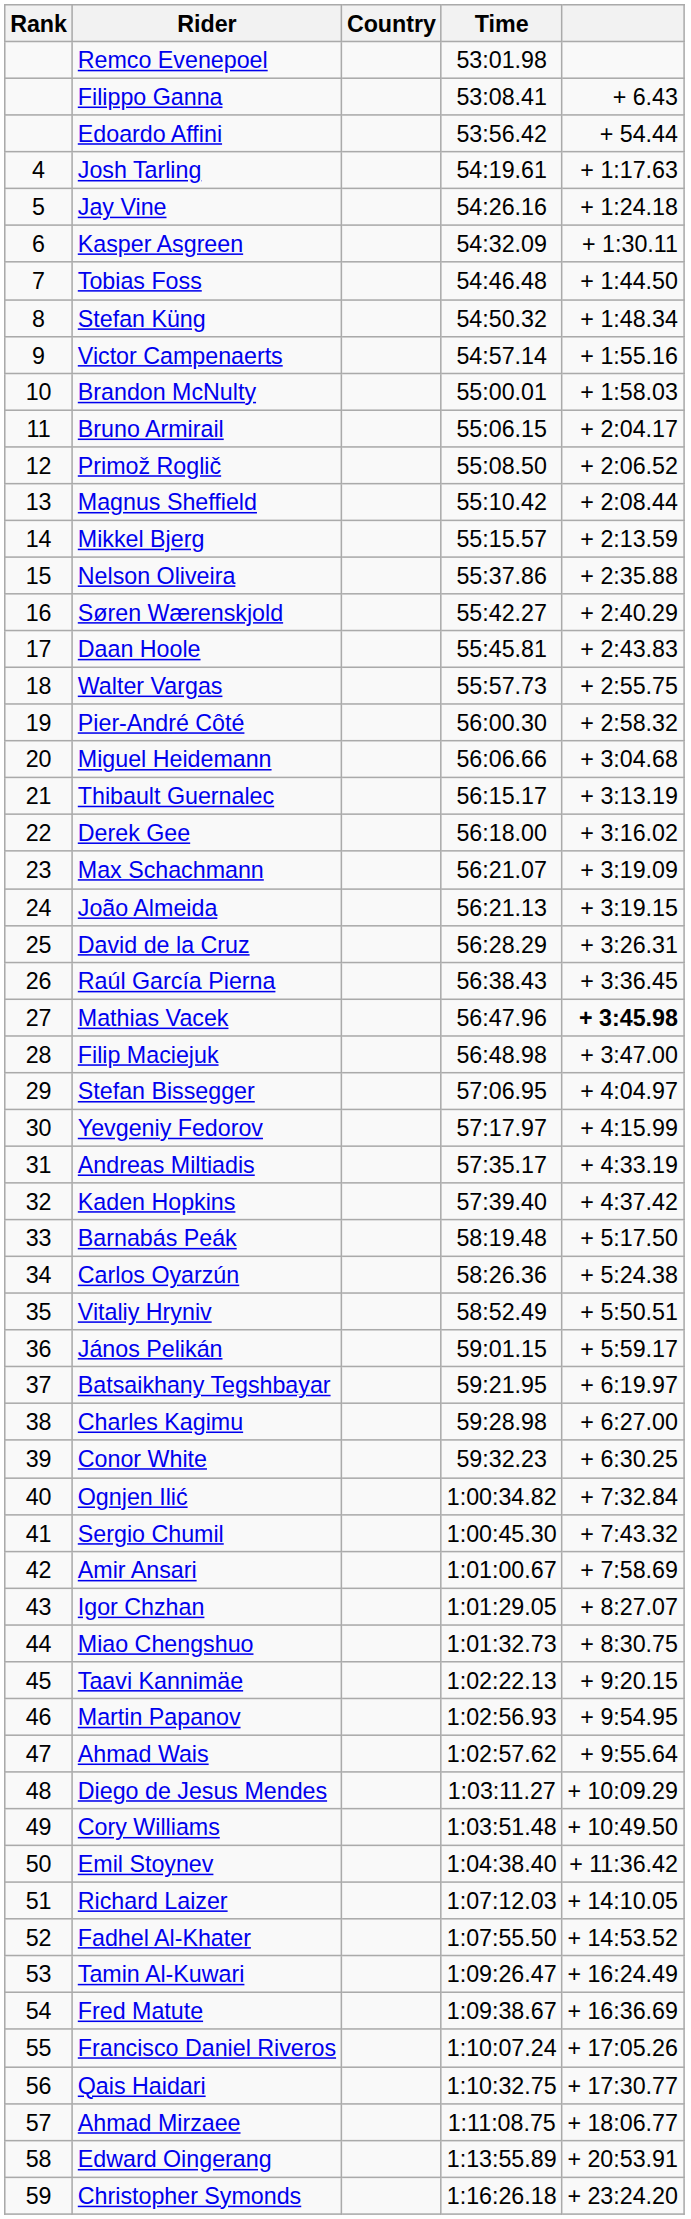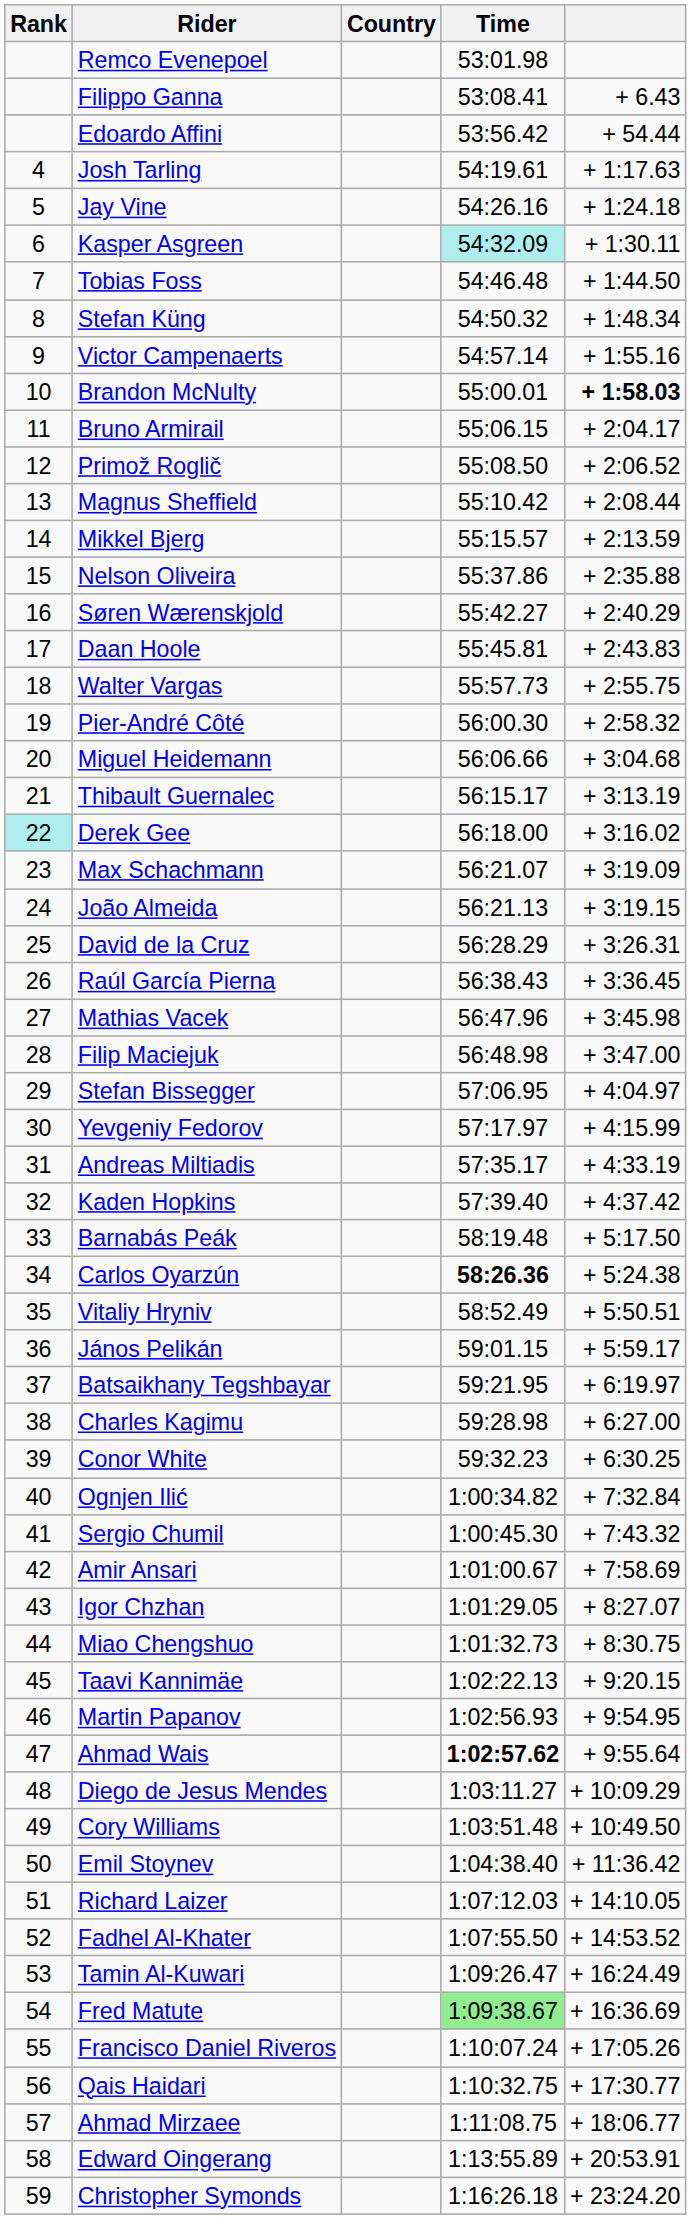 <table class="wikitable sortable" style="font-size:95%; text-align:center;">
 <tr>
 <th scope="col">Rank</th>
 <th scope="col">Rider</th>
 <th scope="col">Country</th>
 <th scope="col">Time</th>
 <th scope="col"></th>
 </tr>
 <tr>
 <td></td>
 <td align=left><a href='#'>Remco Evenepoel</a></td>
 <td align=left></td>
 <td>53:01.98</td>
 <td align=right></td>
 </tr>
 <tr>
 <td></td>
 <td align=left><a href='#'>Filippo Ganna</a></td>
 <td align=left></td>
 <td>53:08.41</td>
 <td align=right>+ 6.43</td>
 </tr>
 <tr>
 <td></td>
 <td align=left><a href='#'>Edoardo Affini</a></td>
 <td align=left></td>
 <td>53:56.42</td>
 <td align=right>+ 54.44</td>
 </tr>
 <tr>
 <td>4</td>
 <td align=left><a href='#'>Josh Tarling</a></td>
 <td align=left></td>
 <td>54:19.61</td>
 <td align=right>+ 1:17.63</td>
 </tr>
 <tr>
 <td>5</td>
 <td align=left><a href='#'>Jay Vine</a></td>
 <td align=left></td>
 <td>54:26.16</td>
 <td align=right>+ 1:24.18</td>
 </tr>
 <tr>
 <td>6</td>
 <td align=left><a href='#'>Kasper Asgreen</a></td>
 <td align=left></td>
-<td>54:32.09</td>
+<td style="background: paleturquoise;">54:32.09</td>
 <td align=right>+ 1:30.11</td>
 </tr>
 <tr>
 <td>7</td>
 <td align=left><a href='#'>Tobias Foss</a></td>
 <td align=left></td>
 <td>54:46.48</td>
 <td align=right>+ 1:44.50</td>
 </tr>
 <tr>
 <td>8</td>
 <td align=left><a href='#'>Stefan Küng</a></td>
 <td align=left></td>
 <td>54:50.32</td>
 <td align=right>+ 1:48.34</td>
 </tr>
 <tr>
 <td>9</td>
 <td align=left><a href='#'>Victor Campenaerts</a></td>
 <td align=left></td>
 <td>54:57.14</td>
 <td align=right>+ 1:55.16</td>
 </tr>
 <tr>
 <td>10</td>
 <td align=left><a href='#'>Brandon McNulty</a></td>
 <td align=left></td>
 <td>55:00.01</td>
-<td align=right>+ 1:58.03</td>
+<td align=right><strong>+ 1:58.03</strong></td>
 </tr>
 <tr>
 <td>11</td>
 <td align=left><a href='#'>Bruno Armirail</a></td>
 <td align=left></td>
 <td>55:06.15</td>
 <td align=right>+ 2:04.17</td>
 </tr>
 <tr>
 <td>12</td>
 <td align=left><a href='#'>Primož Roglič</a></td>
 <td align=left></td>
 <td>55:08.50</td>
 <td align=right>+ 2:06.52</td>
 </tr>
 <tr>
 <td>13</td>
 <td align=left><a href='#'>Magnus Sheffield</a></td>
 <td align=left></td>
 <td>55:10.42</td>
 <td align=right>+ 2:08.44</td>
 </tr>
 <tr>
 <td>14</td>
 <td align=left><a href='#'>Mikkel Bjerg</a></td>
 <td align=left></td>
 <td>55:15.57</td>
 <td align=right>+ 2:13.59</td>
 </tr>
 <tr>
 <td>15</td>
 <td align=left><a href='#'>Nelson Oliveira</a></td>
 <td align=left></td>
 <td>55:37.86</td>
 <td align=right>+ 2:35.88</td>
 </tr>
 <tr>
 <td>16</td>
 <td align=left><a href='#'>Søren Wærenskjold</a></td>
 <td align=left></td>
 <td>55:42.27</td>
 <td align=right>+ 2:40.29</td>
 </tr>
 <tr>
 <td>17</td>
 <td align=left><a href='#'>Daan Hoole</a></td>
 <td align=left></td>
 <td>55:45.81</td>
 <td align=right>+ 2:43.83</td>
 </tr>
 <tr>
 <td>18</td>
 <td align=left><a href='#'>Walter Vargas</a></td>
 <td align=left></td>
 <td>55:57.73</td>
 <td align=right>+ 2:55.75</td>
 </tr>
 <tr>
 <td>19</td>
 <td align=left><a href='#'>Pier-André Côté</a></td>
 <td align=left></td>
 <td>56:00.30</td>
 <td align=right>+ 2:58.32</td>
 </tr>
 <tr>
 <td>20</td>
 <td align=left><a href='#'>Miguel Heidemann</a></td>
 <td align=left></td>
 <td>56:06.66</td>
 <td align=right>+ 3:04.68</td>
 </tr>
 <tr>
 <td>21</td>
 <td align=left><a href='#'>Thibault Guernalec</a></td>
 <td align=left></td>
 <td>56:15.17</td>
 <td align=right>+ 3:13.19</td>
 </tr>
 <tr>
-<td>22</td>
+<td style="background: paleturquoise;">22</td>
 <td align=left><a href='#'>Derek Gee</a></td>
 <td align=left></td>
 <td>56:18.00</td>
 <td align=right>+ 3:16.02</td>
 </tr>
 <tr>
 <td>23</td>
 <td align=left><a href='#'>Max Schachmann</a></td>
 <td align=left></td>
 <td>56:21.07</td>
 <td align=right>+ 3:19.09</td>
 </tr>
 <tr>
 <td>24</td>
 <td align=left><a href='#'>João Almeida</a></td>
 <td align=left></td>
 <td>56:21.13</td>
 <td align=right>+ 3:19.15</td>
 </tr>
 <tr>
 <td>25</td>
 <td align=left><a href='#'>David de la Cruz</a></td>
 <td align=left></td>
 <td>56:28.29</td>
 <td align=right>+ 3:26.31</td>
 </tr>
 <tr>
 <td>26</td>
 <td align=left><a href='#'>Raúl García Pierna</a></td>
 <td align=left></td>
 <td>56:38.43</td>
 <td align=right>+ 3:36.45</td>
 </tr>
 <tr>
 <td>27</td>
 <td align=left><a href='#'>Mathias Vacek</a></td>
 <td align=left></td>
 <td>56:47.96</td>
-<td align=right><strong>+ 3:45.98</strong></td>
+<td align=right>+ 3:45.98</td>
 </tr>
 <tr>
 <td>28</td>
 <td align=left><a href='#'>Filip Maciejuk</a></td>
 <td align=left></td>
 <td>56:48.98</td>
 <td align=right>+ 3:47.00</td>
 </tr>
 <tr>
 <td>29</td>
 <td align=left><a href='#'>Stefan Bissegger</a></td>
 <td align=left></td>
 <td>57:06.95</td>
 <td align=right>+ 4:04.97</td>
 </tr>
 <tr>
 <td>30</td>
 <td align=left><a href='#'>Yevgeniy Fedorov</a></td>
 <td align=left></td>
 <td>57:17.97</td>
 <td align=right>+ 4:15.99</td>
 </tr>
 <tr>
 <td>31</td>
 <td align=left><a href='#'>Andreas Miltiadis</a></td>
 <td align=left></td>
 <td>57:35.17</td>
 <td align=right>+ 4:33.19</td>
 </tr>
 <tr>
 <td>32</td>
 <td align=left><a href='#'>Kaden Hopkins</a></td>
 <td align=left></td>
 <td>57:39.40</td>
 <td align=right>+ 4:37.42</td>
 </tr>
 <tr>
 <td>33</td>
 <td align=left><a href='#'>Barnabás Peák</a></td>
 <td align=left></td>
 <td>58:19.48</td>
 <td align=right>+ 5:17.50</td>
 </tr>
 <tr>
 <td>34</td>
 <td align=left><a href='#'>Carlos Oyarzún</a></td>
 <td align=left></td>
-<td>58:26.36</td>
+<td><strong>58:26.36</strong></td>
 <td align=right>+ 5:24.38</td>
 </tr>
 <tr>
 <td>35</td>
 <td align=left><a href='#'>Vitaliy Hryniv</a></td>
 <td align=left></td>
 <td>58:52.49</td>
 <td align=right>+ 5:50.51</td>
 </tr>
 <tr>
 <td>36</td>
 <td align=left><a href='#'>János Pelikán</a></td>
 <td align=left></td>
 <td>59:01.15</td>
 <td align=right>+ 5:59.17</td>
 </tr>
 <tr>
 <td>37</td>
 <td align=left><a href='#'>Batsaikhany Tegshbayar</a></td>
 <td align=left></td>
 <td>59:21.95</td>
 <td align=right>+ 6:19.97</td>
 </tr>
 <tr>
 <td>38</td>
 <td align=left><a href='#'>Charles Kagimu</a></td>
 <td align=left></td>
 <td>59:28.98</td>
 <td align=right>+ 6:27.00</td>
 </tr>
 <tr>
 <td>39</td>
 <td align=left><a href='#'>Conor White</a></td>
 <td align=left></td>
 <td>59:32.23</td>
 <td align=right>+ 6:30.25</td>
 </tr>
 <tr>
 <td>40</td>
 <td align=left><a href='#'>Ognjen Ilić</a></td>
 <td align=left></td>
 <td>1:00:34.82</td>
 <td align=right>+ 7:32.84</td>
 </tr>
 <tr>
 <td>41</td>
 <td align=left><a href='#'>Sergio Chumil</a></td>
 <td align=left></td>
 <td>1:00:45.30</td>
 <td align=right>+ 7:43.32</td>
 </tr>
 <tr>
 <td>42</td>
 <td align=left><a href='#'>Amir Ansari</a></td>
 <td align=left></td>
 <td>1:01:00.67</td>
 <td align=right>+ 7:58.69</td>
 </tr>
 <tr>
 <td>43</td>
 <td align=left><a href='#'>Igor Chzhan</a></td>
 <td align=left></td>
 <td>1:01:29.05</td>
 <td align=right>+ 8:27.07</td>
 </tr>
 <tr>
 <td>44</td>
 <td align=left><a href='#'>Miao Chengshuo</a></td>
 <td align=left></td>
 <td>1:01:32.73</td>
 <td align=right>+ 8:30.75</td>
 </tr>
 <tr>
 <td>45</td>
 <td align=left><a href='#'>Taavi Kannimäe</a></td>
 <td align=left></td>
 <td>1:02:22.13</td>
 <td align=right>+ 9:20.15</td>
 </tr>
 <tr>
 <td>46</td>
 <td align=left><a href='#'>Martin Papanov</a></td>
 <td align=left></td>
 <td>1:02:56.93</td>
 <td align=right>+ 9:54.95</td>
 </tr>
 <tr>
 <td>47</td>
 <td align=left><a href='#'>Ahmad Wais</a></td>
 <td align=left></td>
-<td>1:02:57.62</td>
+<td><strong>1:02:57.62</strong></td>
 <td align=right>+ 9:55.64</td>
 </tr>
 <tr>
 <td>48</td>
 <td align=left><a href='#'>Diego de Jesus Mendes</a></td>
 <td align=left></td>
 <td>1:03:11.27</td>
 <td align=right>+ 10:09.29</td>
 </tr>
 <tr>
 <td>49</td>
 <td align=left><a href='#'>Cory Williams</a></td>
 <td align=left></td>
 <td>1:03:51.48</td>
 <td align=right>+ 10:49.50</td>
 </tr>
 <tr>
 <td>50</td>
 <td align=left><a href='#'>Emil Stoynev</a></td>
 <td align=left></td>
 <td>1:04:38.40</td>
 <td align=right>+ 11:36.42</td>
 </tr>
 <tr>
 <td>51</td>
 <td align=left><a href='#'>Richard Laizer</a></td>
 <td align=left></td>
 <td>1:07:12.03</td>
 <td align=right>+ 14:10.05</td>
 </tr>
 <tr>
 <td>52</td>
 <td align=left><a href='#'>Fadhel Al-Khater</a></td>
 <td align=left></td>
 <td>1:07:55.50</td>
 <td align=right>+ 14:53.52</td>
 </tr>
 <tr>
 <td>53</td>
 <td align=left><a href='#'>Tamin Al-Kuwari</a></td>
 <td align=left></td>
 <td>1:09:26.47</td>
 <td align=right>+ 16:24.49</td>
 </tr>
 <tr>
 <td>54</td>
 <td align=left><a href='#'>Fred Matute</a></td>
 <td align=left></td>
-<td>1:09:38.67</td>
+<td style="background: lightgreen;">1:09:38.67</td>
 <td align=right>+ 16:36.69</td>
 </tr>
 <tr>
 <td>55</td>
 <td align=left><a href='#'>Francisco Daniel Riveros</a></td>
 <td align=left></td>
 <td>1:10:07.24</td>
 <td align=right>+ 17:05.26</td>
 </tr>
 <tr>
 <td>56</td>
 <td align=left><a href='#'>Qais Haidari</a></td>
 <td align=left></td>
 <td>1:10:32.75</td>
 <td align=right>+ 17:30.77</td>
 </tr>
 <tr>
 <td>57</td>
 <td align=left><a href='#'>Ahmad Mirzaee</a></td>
 <td align=left></td>
 <td>1:11:08.75</td>
 <td align=right>+ 18:06.77</td>
 </tr>
 <tr>
 <td>58</td>
 <td align=left><a href='#'>Edward Oingerang</a></td>
 <td align=left></td>
 <td>1:13:55.89</td>
 <td align=right>+ 20:53.91</td>
 </tr>
 <tr>
 <td>59</td>
 <td align=left><a href='#'>Christopher Symonds</a></td>
 <td align=left></td>
 <td>1:16:26.18</td>
 <td align=right>+ 23:24.20</td>
 </tr>
 </table>
